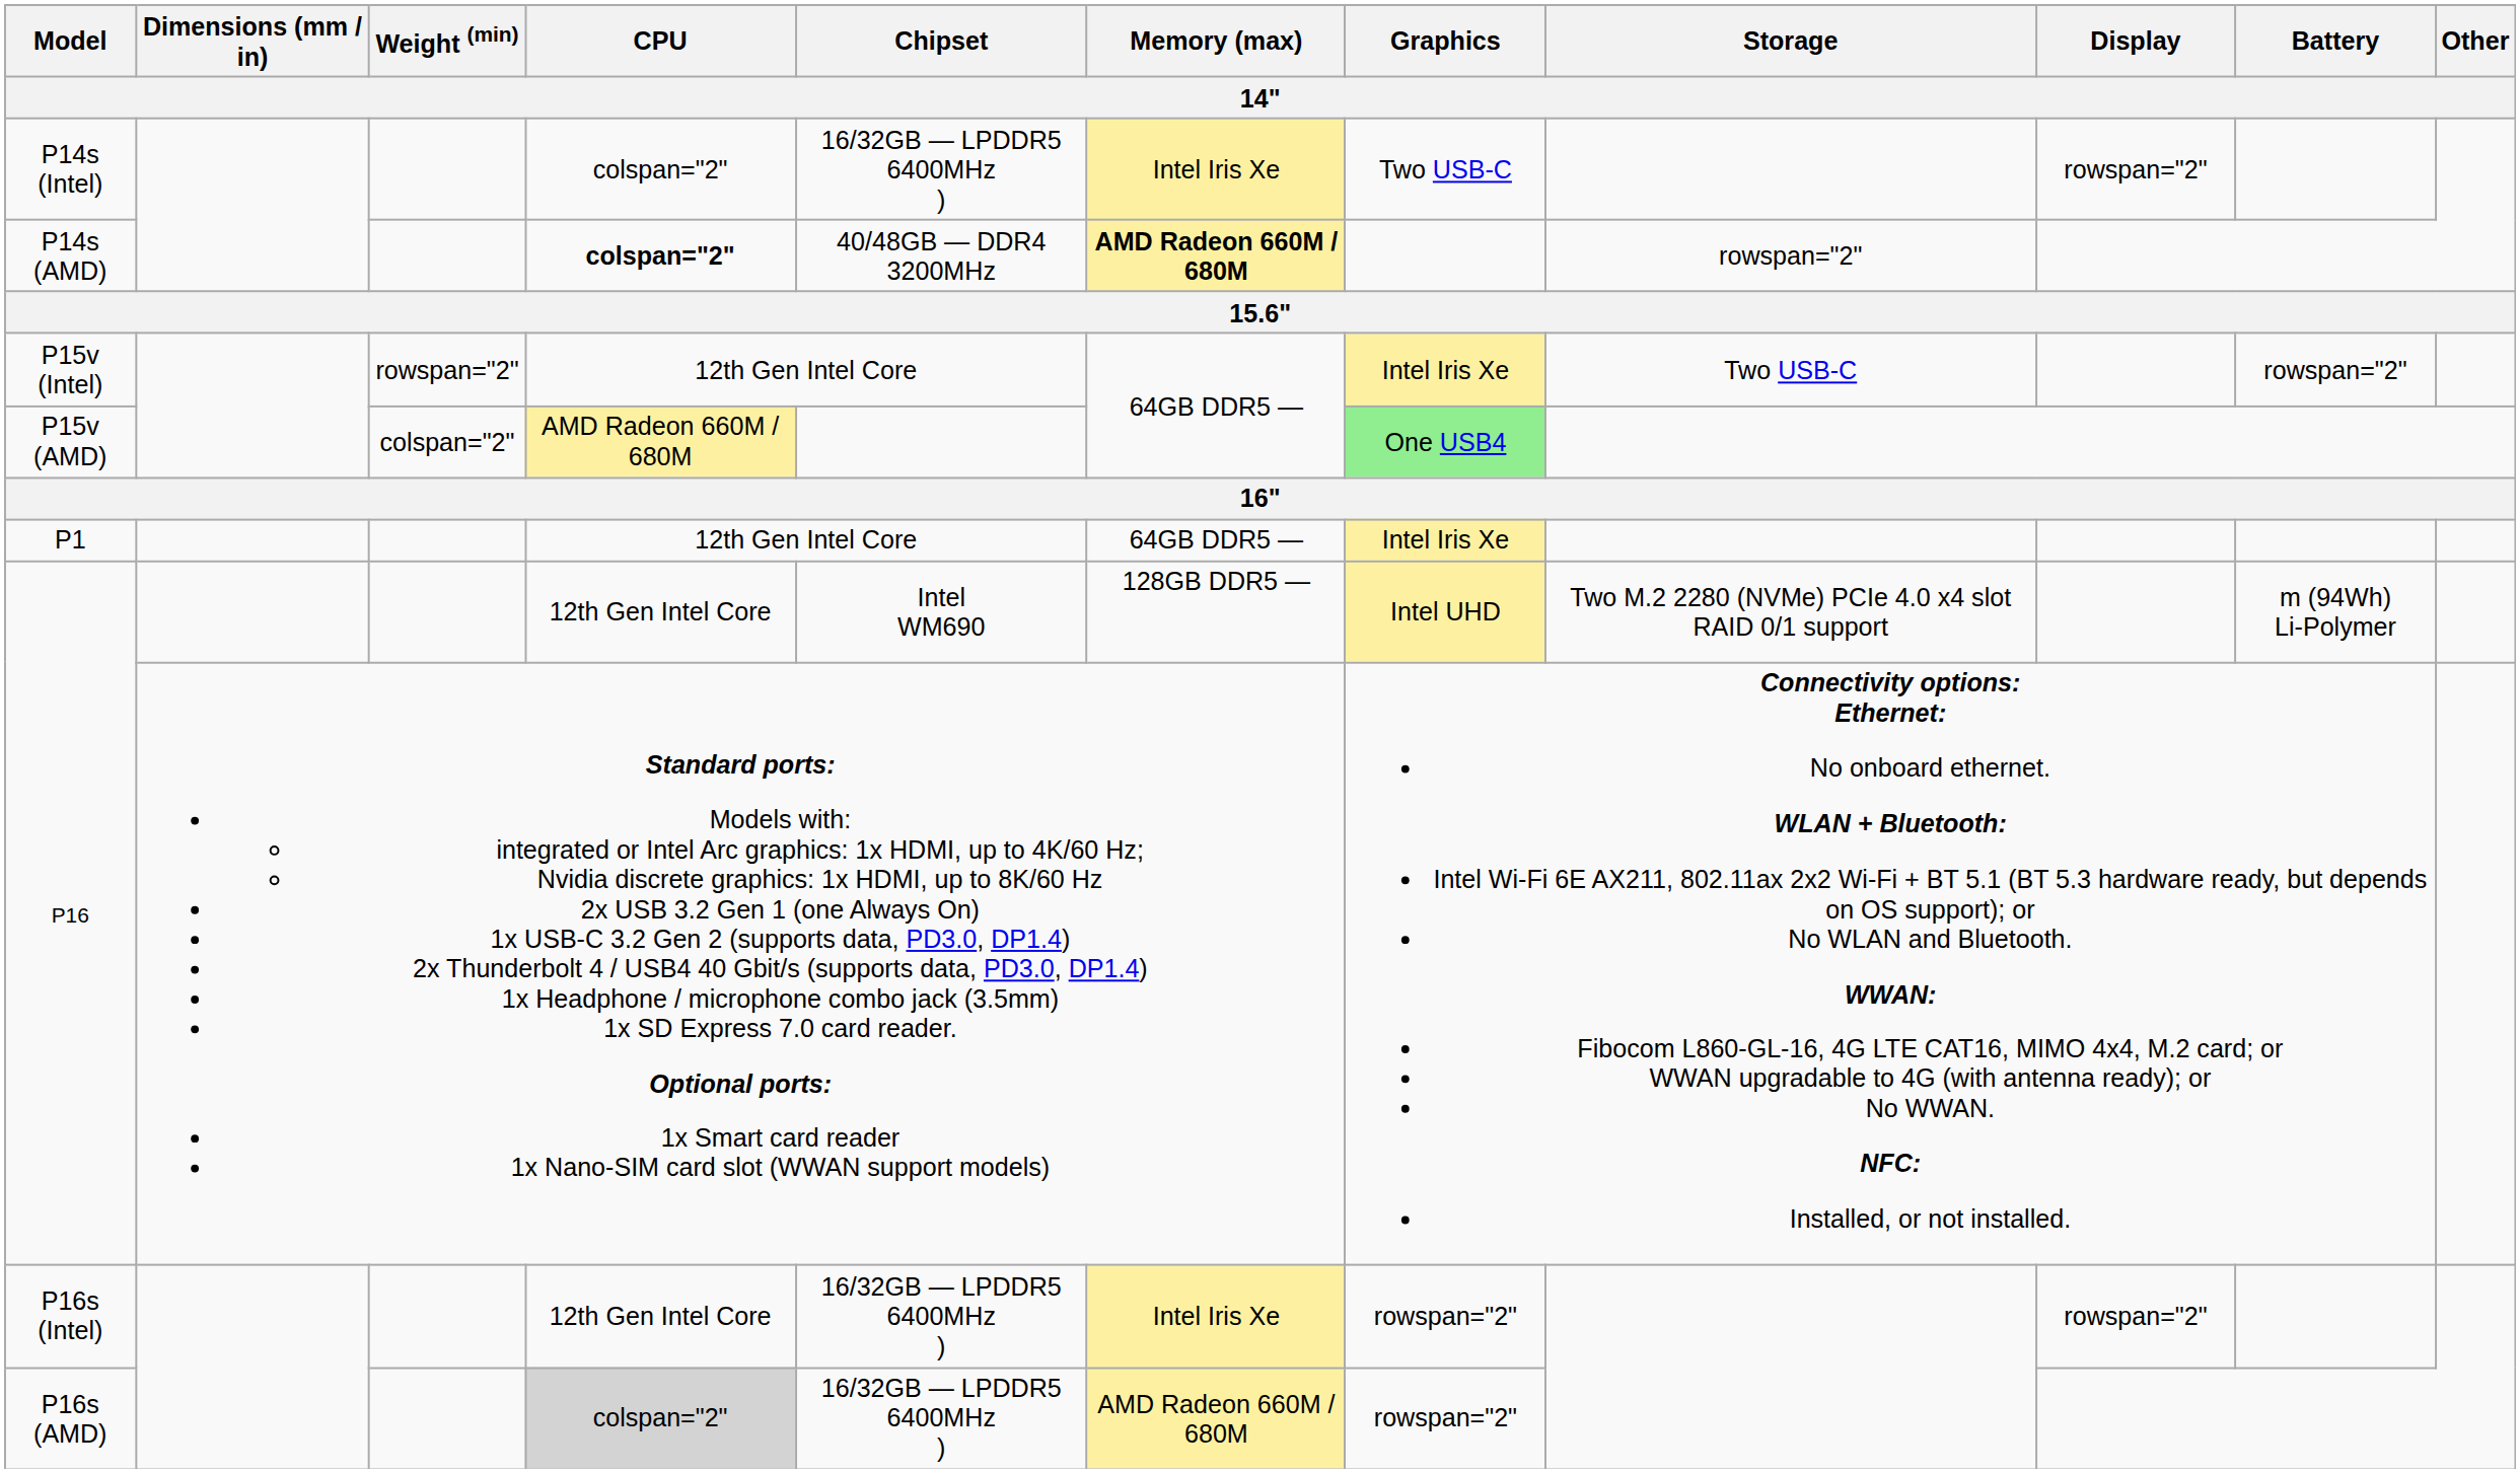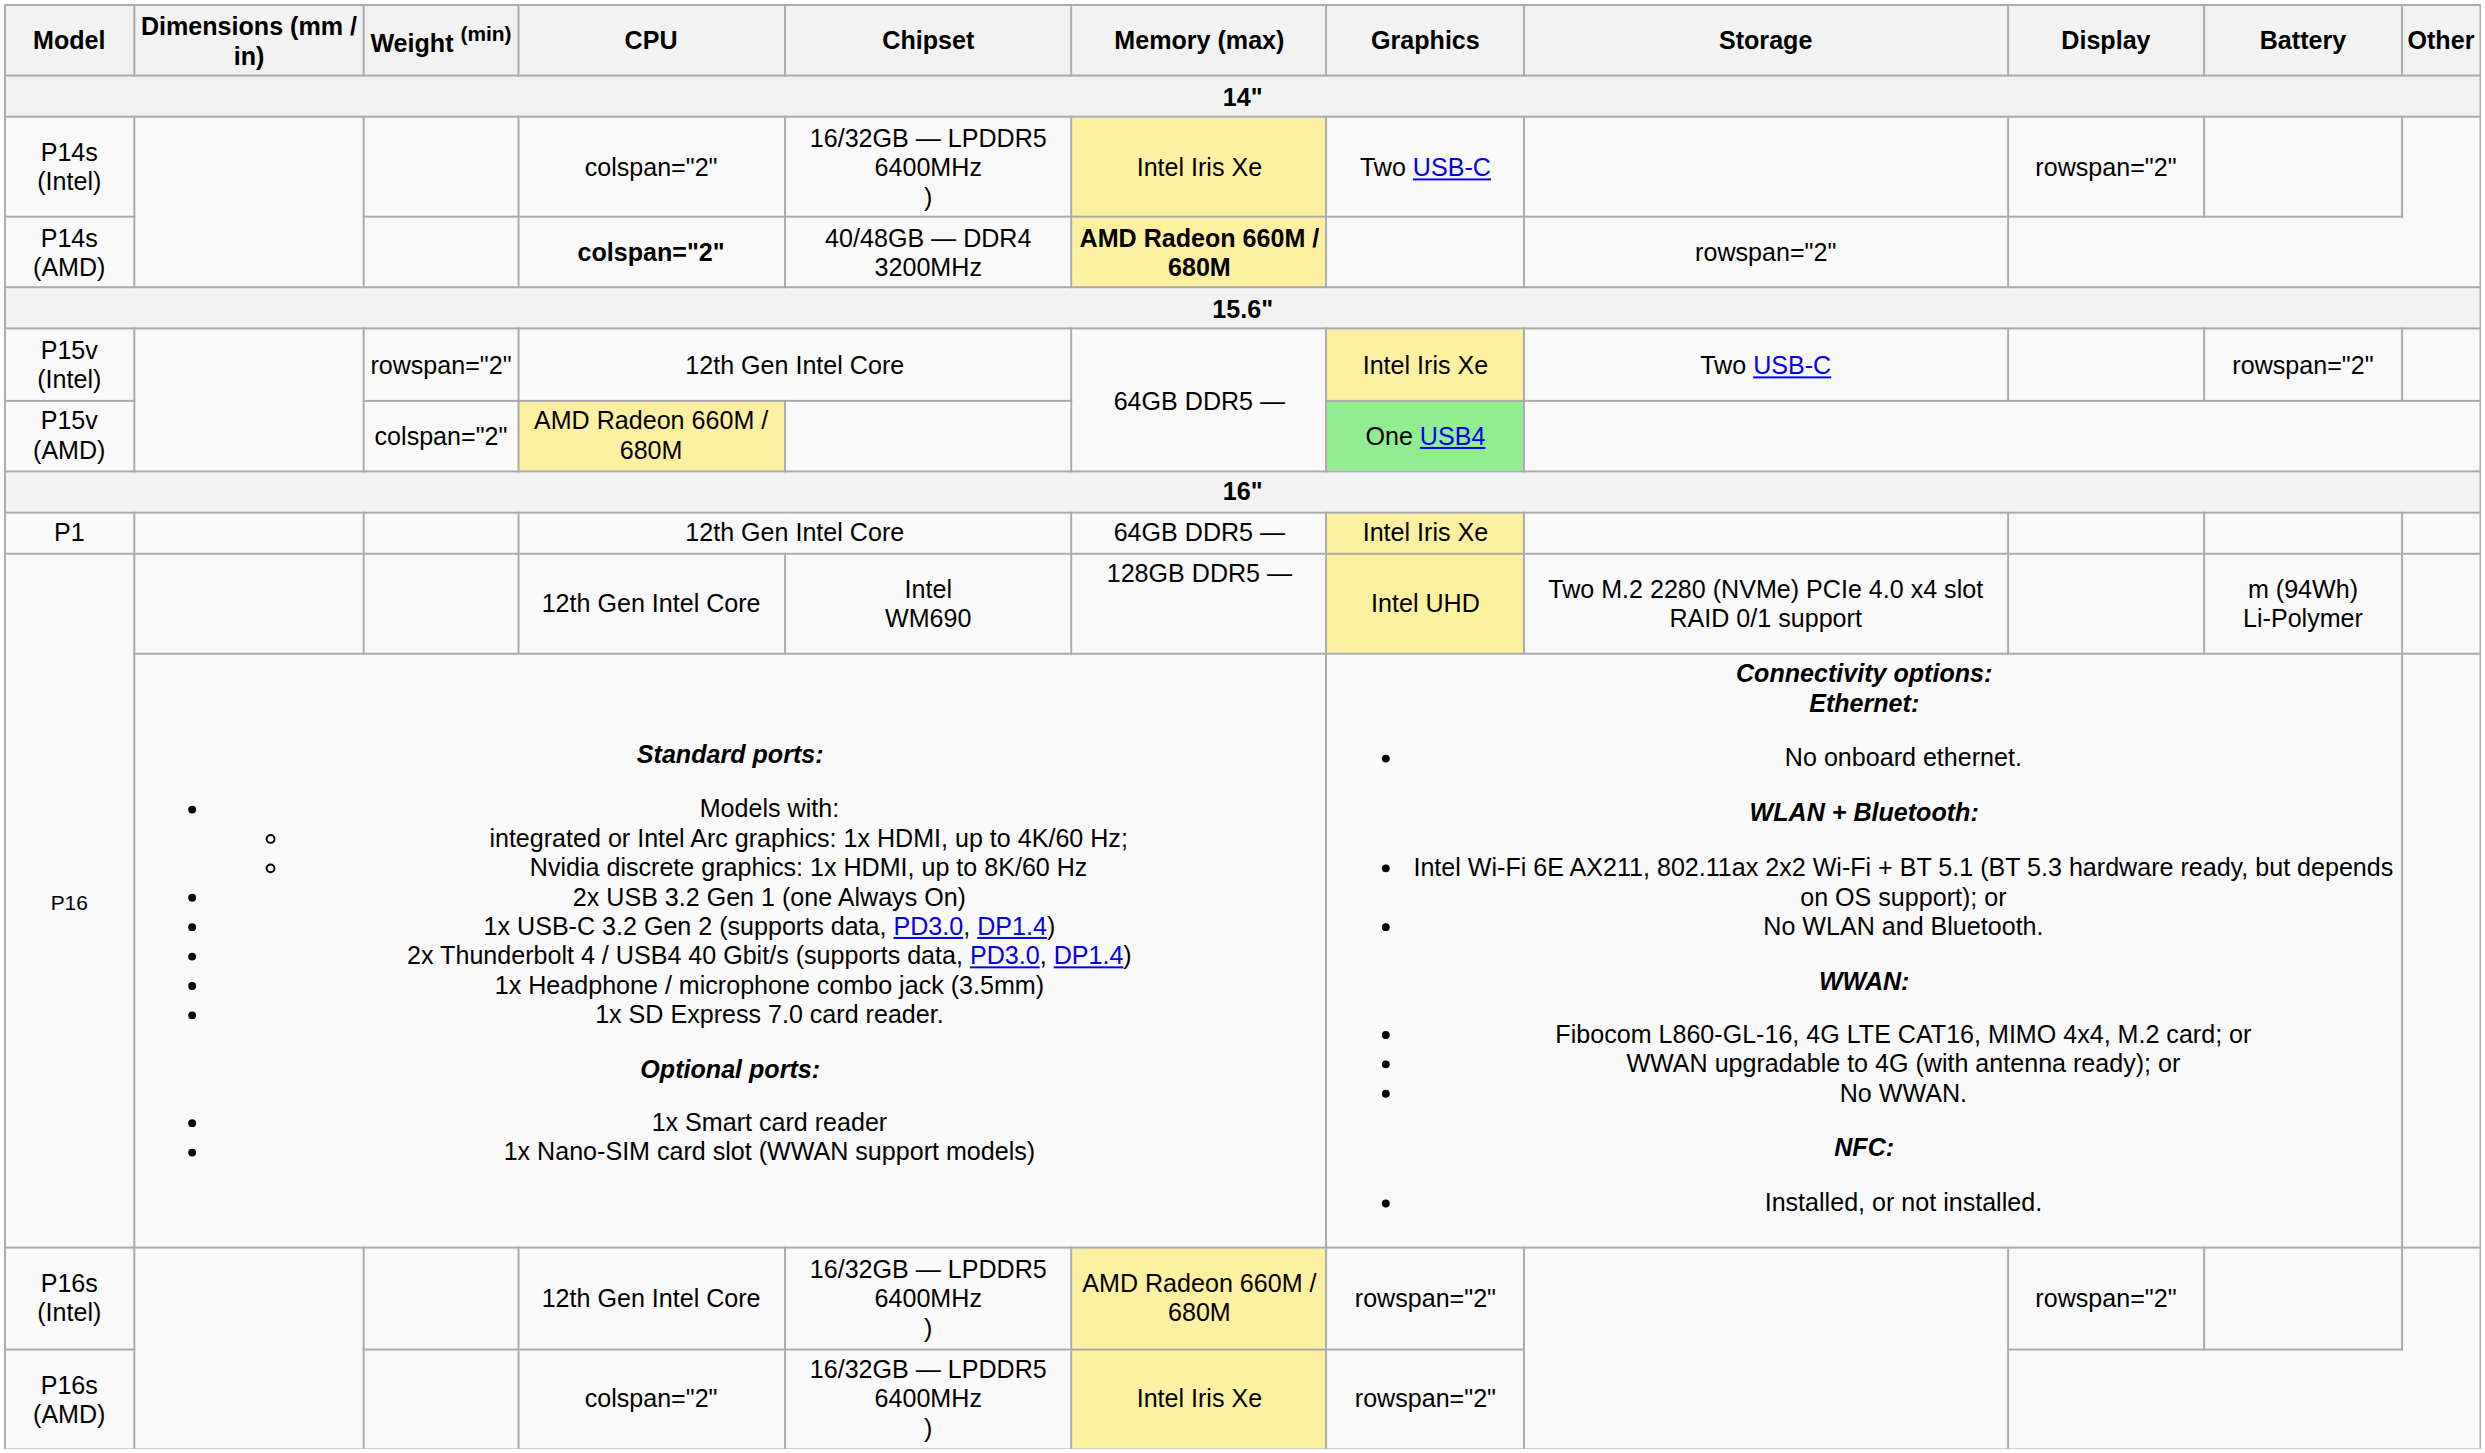 <table class="wikitable" style="font-size: 80%; text-align: center; min-width: 100%;">
 <tr>
 <th>Model</th>
 <th>Dimensions (mm / in)</th>
 <th>Weight <sup>(min)</sup></th>
 <th>CPU</th>
 <th>Chipset</th>
 <th>Memory (max)</th>
 <th>Graphics</th>
 <th>Storage</th>
 <th>Display</th>
 <th>Battery</th>
 <th>Other</th>
 </tr>
 <tr>
 <th colspan="11">14"</th>
 </tr>
 <tr>
 <td>P14s  (Intel)</td>
 <td rowspan="2"></td>
 <td></td>
 <td>colspan="2" </td>
 <td style="background:">16/32GB — LPDDR5 6400MHz<br>)</td>
 <td style="background:#fdf1a1;">Intel Iris Xe<br></td>
 <td>Two <a href='#'>USB-C</a>  </td>
 <td style="background:"> <br>         </td>
 <td>rowspan="2" </td>
 <td></td>
 </tr>
 <tr>
 <td>P14s  (AMD)</td>
 <td></td>
 <td><strong>colspan="2" </strong></td>
 <td style="background:">40/48GB — DDR4 3200MHz<br> </td>
 <td style="background:#fdf1a1;"><strong>AMD Radeon 660M / 680M</strong></td>
 <td style="background:"> <br>     </td>
 <td>rowspan="2" </td>
 </tr>
 <tr>
 <th colspan="11">15.6"</th>
 </tr>
 <tr>
 <td>P15v  (Intel)</td>
 <td rowspan="2"></td>
 <td>rowspan="2" </td>
 <td colspan="2" style="background:">12th Gen Intel Core<br></td>
 <td rowspan="2" style="background:">64GB DDR5 — <br></td>
 <td style="background:#fdf1a1;">Intel Iris Xe<br></td>
 <td>Two <a href='#'>USB-C</a>  </td>
 <td style="background:"> <br>   </td>
 <td>rowspan="2" </td>
 <td></td>
 </tr>
 <tr>
 <td>P15v  (AMD)</td>
 <td>colspan="2" </td>
 <td style="background:#fdf1a1;">AMD Radeon 660M / 680M<br></td>
 <td style="background:"> <br>     </td>
 <td style="background: lightgreen;">One <a href='#'>USB4</a></td>
 </tr>
 <tr>
 <th colspan="11">16"</th>
 </tr>
 <tr>
 <td>P1 </td>
 <td></td>
 <td></td>
 <td colspan="2" style="background:">12th Gen Intel Core<br></td>
 <td style="background:">64GB DDR5 — <br></td>
 <td style="background:#fdf1a1;">Intel Iris Xe<br></td>
 <td></td>
 <td style="background:"> <br>     </td>
 <td></td>
 <td></td>
 </tr>
 <tr>
 <td rowspan="2"><small>P16 </small></td>
 <td></td>
 <td></td>
 <td style="background:">12th Gen Intel Core <br></td>
 <td>Intel<br>WM690</td>
 <td style="background:">128GB DDR5 — <br><br><br> </td>
 <td style="background:#fdf1a1;">Intel UHD <br></td>
 <td>Two M.2 2280 (NVMe) PCIe 4.0 x4 slot<br>RAID 0/1 support</td>
 <td style="background:"><br>  </td>
 <td>m (94Wh)<br>Li-Polymer</td>
 <td></td>
 </tr>
 <tr>
 <td colspan="5"><br><strong><em>Standard ports:</em></strong><ul><li>Models with:<ul><li>integrated or Intel Arc graphics: 1x HDMI, up to 4K/60 Hz;</li><li>Nvidia discrete graphics: 1x HDMI, up to 8K/60 Hz</li></ul></li><li>2x USB 3.2 Gen 1 (one Always On)</li><li>1x USB-C 3.2 Gen 2 (supports data, <a href='#'>PD3.0</a>, <a href='#'>DP1.4</a>)</li><li>2x Thunderbolt 4 / USB4 40 Gbit/s (supports data, <a href='#'>PD3.0</a>, <a href='#'>DP1.4</a>)</li><li>1x Headphone / microphone combo jack (3.5mm)</li><li>1x SD Express 7.0 card reader.</li></ul><strong><em>Optional ports:</em></strong><ul><li>1x Smart card reader</li><li>1x Nano-SIM card slot (WWAN support models)</li></ul></td>
 <td colspan="4"><strong><em>Connectivity options:</em></strong><br><strong><em>Ethernet:</em></strong><ul><li>No onboard ethernet.</li></ul><strong><em>WLAN + Bluetooth:</em></strong><ul><li>Intel Wi-Fi 6E AX211, 802.11ax 2x2 Wi-Fi + BT 5.1 (BT 5.3 hardware ready, but depends on OS support); or</li><li>No WLAN and Bluetooth.</li></ul><strong><em>WWAN:</em></strong><ul><li>Fibocom L860-GL-16, 4G LTE CAT16, MIMO 4x4, M.2 card; or</li><li>WWAN upgradable to 4G (with antenna ready); or</li><li>No WWAN.</li></ul><strong><em>NFC:</em></strong><ul><li>Installed, or not installed.</li></ul></td>
 <td></td>
 </tr>
 <tr>
 <td>P16s  (Intel)</td>
 <td rowspan="2"></td>
 <td></td>
 <td style="background:">12th Gen Intel Core <br></td>
 <td style="background:">16/32GB — LPDDR5 6400MHz<br>)</td>
-<td style="background:#fdf1a1;">Intel Iris Xe<br></td>
+<td style="background:#fdf1a1;">AMD Radeon 660M / 680M</td>
 <td>rowspan="2" </td>
 <td rowspan="2" style="background:"> <br>   </td>
 <td>rowspan="2" </td>
 <td></td>
 </tr>
 <tr>
 <td>P16s  (AMD)</td>
 <td></td>
-<td style="background: lightgrey;">colspan="2" </td>
+<td>colspan="2" </td>
 <td style="background:">16/32GB — LPDDR5 6400MHz<br>)</td>
-<td style="background:#fdf1a1;">AMD Radeon 660M / 680M</td>
+<td style="background:#fdf1a1;">Intel Iris Xe<br></td>
 <td>rowspan="2" </td>
 </tr>
 </table>
